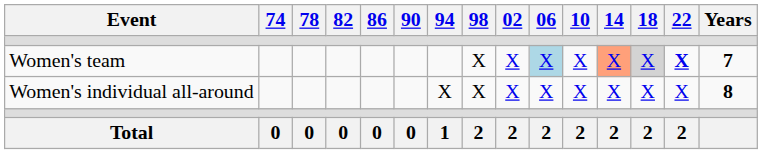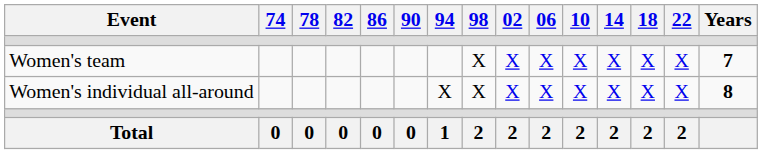 <table class=wikitable style="text-align:center">
 <tr>
 <th width="200">Event</th>
 <th width=20><a href='#'>74</a></th>
 <th width=20><a href='#'>78</a></th>
 <th width=20><a href='#'>82</a></th>
 <th width=20><a href='#'>86</a></th>
 <th width=20><a href='#'>90</a></th>
 <th width=20><a href='#'>94</a></th>
 <th width=20><a href='#'>98</a></th>
 <th width=20><a href='#'>02</a></th>
 <th width=20><a href='#'>06</a></th>
 <th width=20><a href='#'>10</a></th>
 <th width=20><a href='#'>14</a></th>
 <th width=20><a href='#'>18</a></th>
 <th width=20><a href='#'>22</a></th>
 <th width="40">Years</th>
 </tr>
 <tr bgcolor=#DDDDDD>
 <td colspan="15"></td>
 </tr>
 <tr>
 <td align=left>Women's team</td>
 <td></td>
 <td></td>
 <td></td>
 <td></td>
 <td></td>
 <td></td>
 <td>X</td>
 <td><a href='#'>X</a></td>
-<td style="background: lightblue;"><a href='#'>X</a></td>
 <td><a href='#'>X</a></td>
-<td style="background: lightsalmon;"><a href='#'>X</a></td>
-<td style="background: lightgrey;"><a href='#'>X</a></td>
-<td><strong><a href='#'>X</a></strong></td>
+<td><a href='#'>X</a></td>
+<td><a href='#'>X</a></td>
+<td><a href='#'>X</a></td>
+<td><a href='#'>X</a></td>
 <td><strong>7</strong></td>
 </tr>
 <tr>
 <td align=left>Women's individual all-around</td>
 <td></td>
 <td></td>
 <td></td>
 <td></td>
 <td></td>
 <td>X</td>
 <td>X</td>
 <td><a href='#'>X</a></td>
 <td><a href='#'>X</a></td>
 <td><a href='#'>X</a></td>
 <td><a href='#'>X</a></td>
 <td><a href='#'>X</a></td>
 <td><a href='#'>X</a></td>
 <td><strong>8</strong></td>
 </tr>
 <tr bgcolor=#DDDDDD>
 <td colspan="15"></td>
 </tr>
 <tr>
 <th>Total</th>
 <th>0</th>
 <th>0</th>
 <th>0</th>
 <th>0</th>
 <th>0</th>
 <th>1</th>
 <th>2</th>
 <th>2</th>
 <th>2</th>
 <th>2</th>
 <th>2</th>
 <th>2</th>
 <th>2</th>
 <th></th>
 </tr>
 </table>
